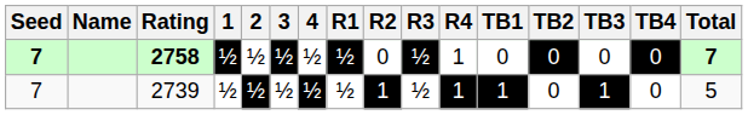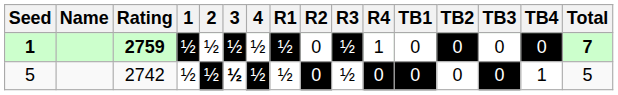 <table class="wikitable">
 <tr>
 <th>Seed</th>
 <th>Name</th>
 <th>Rating</th>
 <th>1</th>
 <th>2</th>
 <th>3</th>
 <th>4</th>
 <th>R1</th>
 <th>R2</th>
 <th>R3</th>
 <th>R4</th>
 <th>TB1</th>
 <th>TB2</th>
 <th>TB3</th>
 <th>TB4</th>
 <th>Total</th>
 </tr>
 <tr align=center style="background:#ccffcc;">
-<td><strong>7</strong></td>
+<td><strong>1</strong></td>
 <td align=left></td>
-<td><strong>2758</strong></td>
+<td><strong>2759</strong></td>
 <td style="background:black; color:white">½</td>
 <td style="background:white; color:black">½</td>
 <td style="background:black; color:white">½</td>
 <td style="background:white; color:black">½</td>
 <td style="background:black; color:white">½</td>
 <td style="background:white; color:black">0</td>
 <td style="background:black; color:white">½</td>
 <td style="background:white; color:black">1</td>
 <td style="background:white; color:black">0</td>
 <td style="background:black; color:white">0</td>
 <td style="background:white; color:black">0</td>
 <td style="background:black; color:white">0</td>
 <td><strong>7</strong></td>
 </tr>
 <tr align=center>
-<td>7</td>
+<td>5</td>
 <td align=left></td>
-<td>2739</td>
+<td>2742</td>
 <td style="background:white; color:black">½</td>
 <td style="background:black; color:white">½</td>
-<td style="background:white; color:black">½</td>
+<td style="background:white; color:black"><strong>½</strong></td>
 <td style="background:black; color:white">½</td>
 <td style="background:white; color:black">½</td>
-<td style="background:black; color:white">1</td>
+<td style="background:black; color:white">0</td>
 <td style="background:white; color:black">½</td>
-<td style="background:black; color:white">1</td>
-<td style="background:black; color:white">1</td>
+<td style="background:black; color:white">0</td>
+<td style="background:black; color:white">0</td>
 <td style="background:white; color:black">0</td>
-<td style="background:black; color:white">1</td>
-<td style="background:white; color:black">0</td>
+<td style="background:black; color:white">0</td>
+<td style="background:white; color:black">1</td>
 <td>5</td>
 </tr>
 </table>
